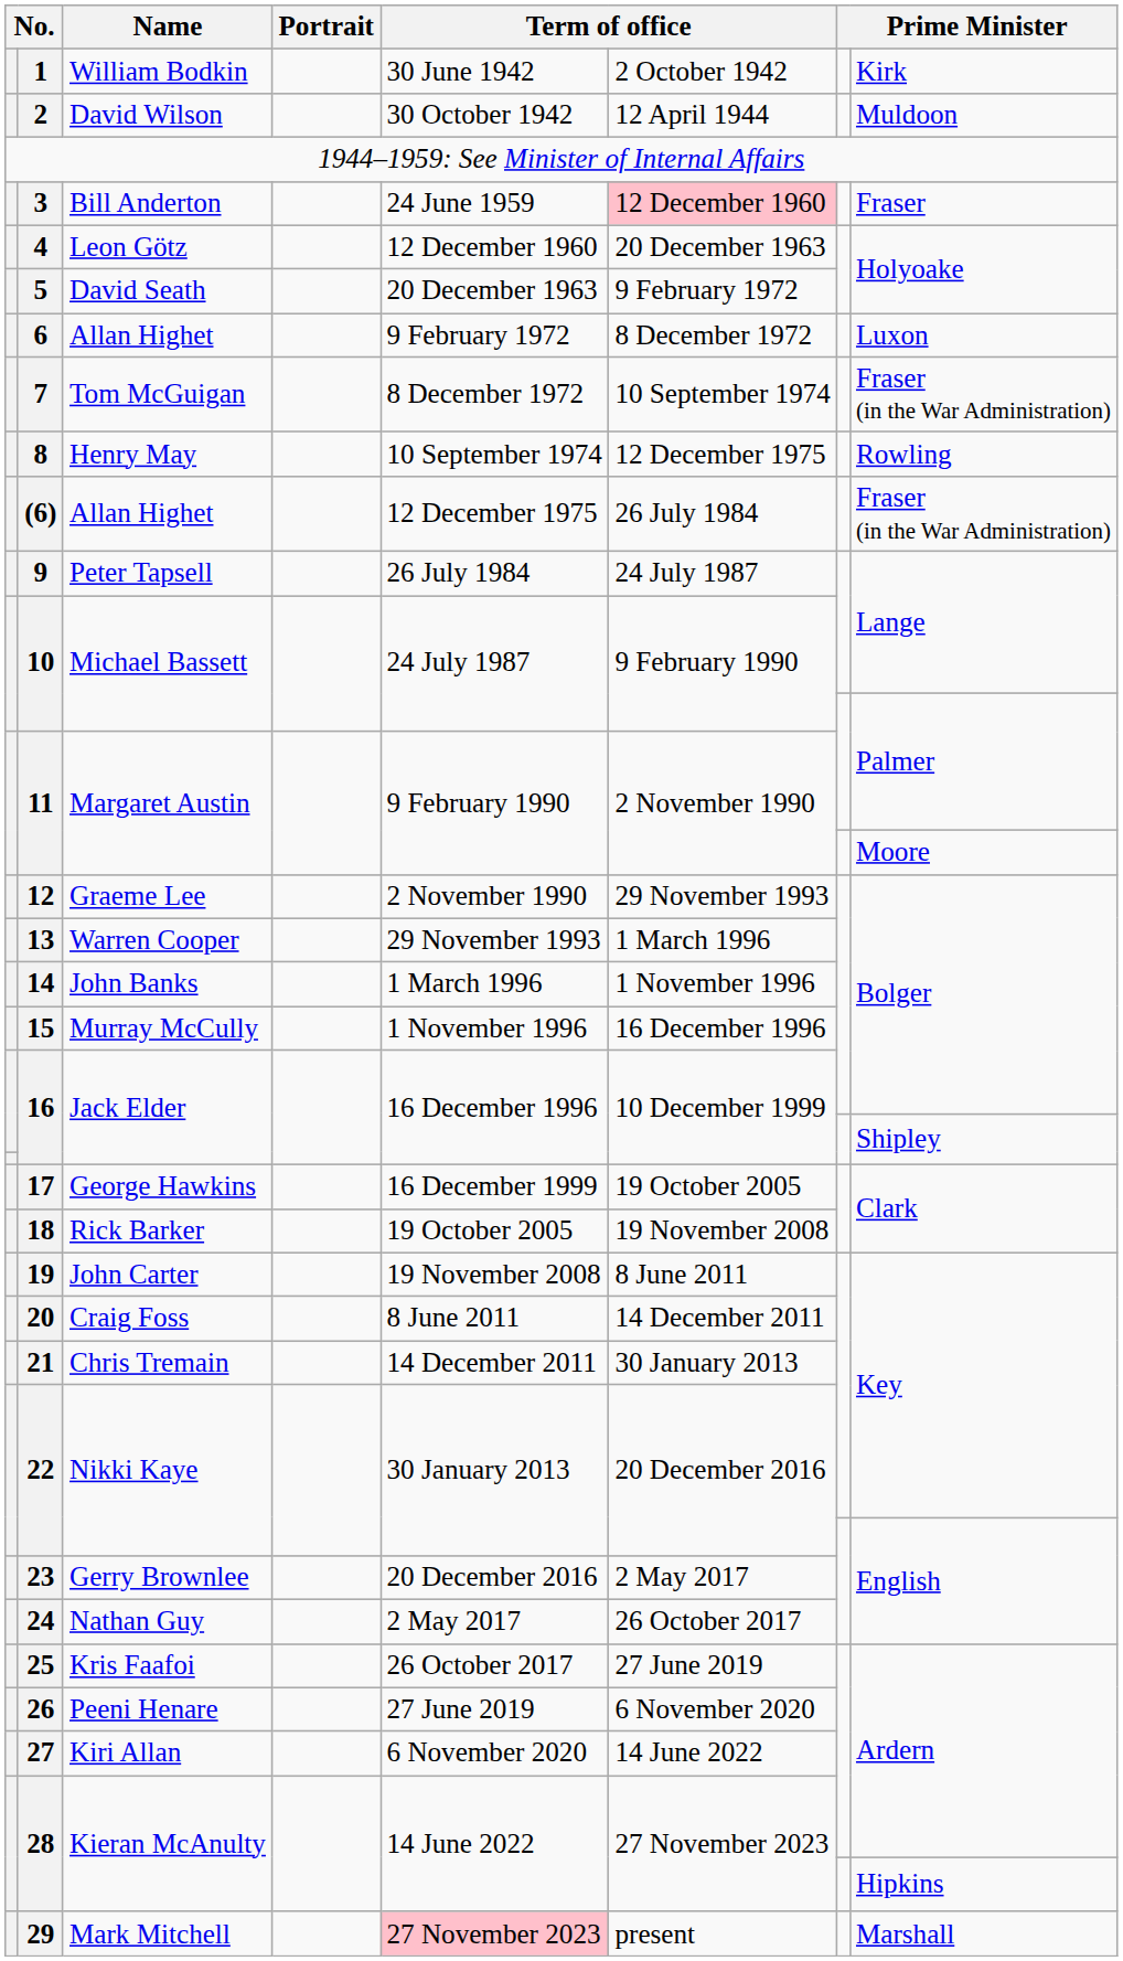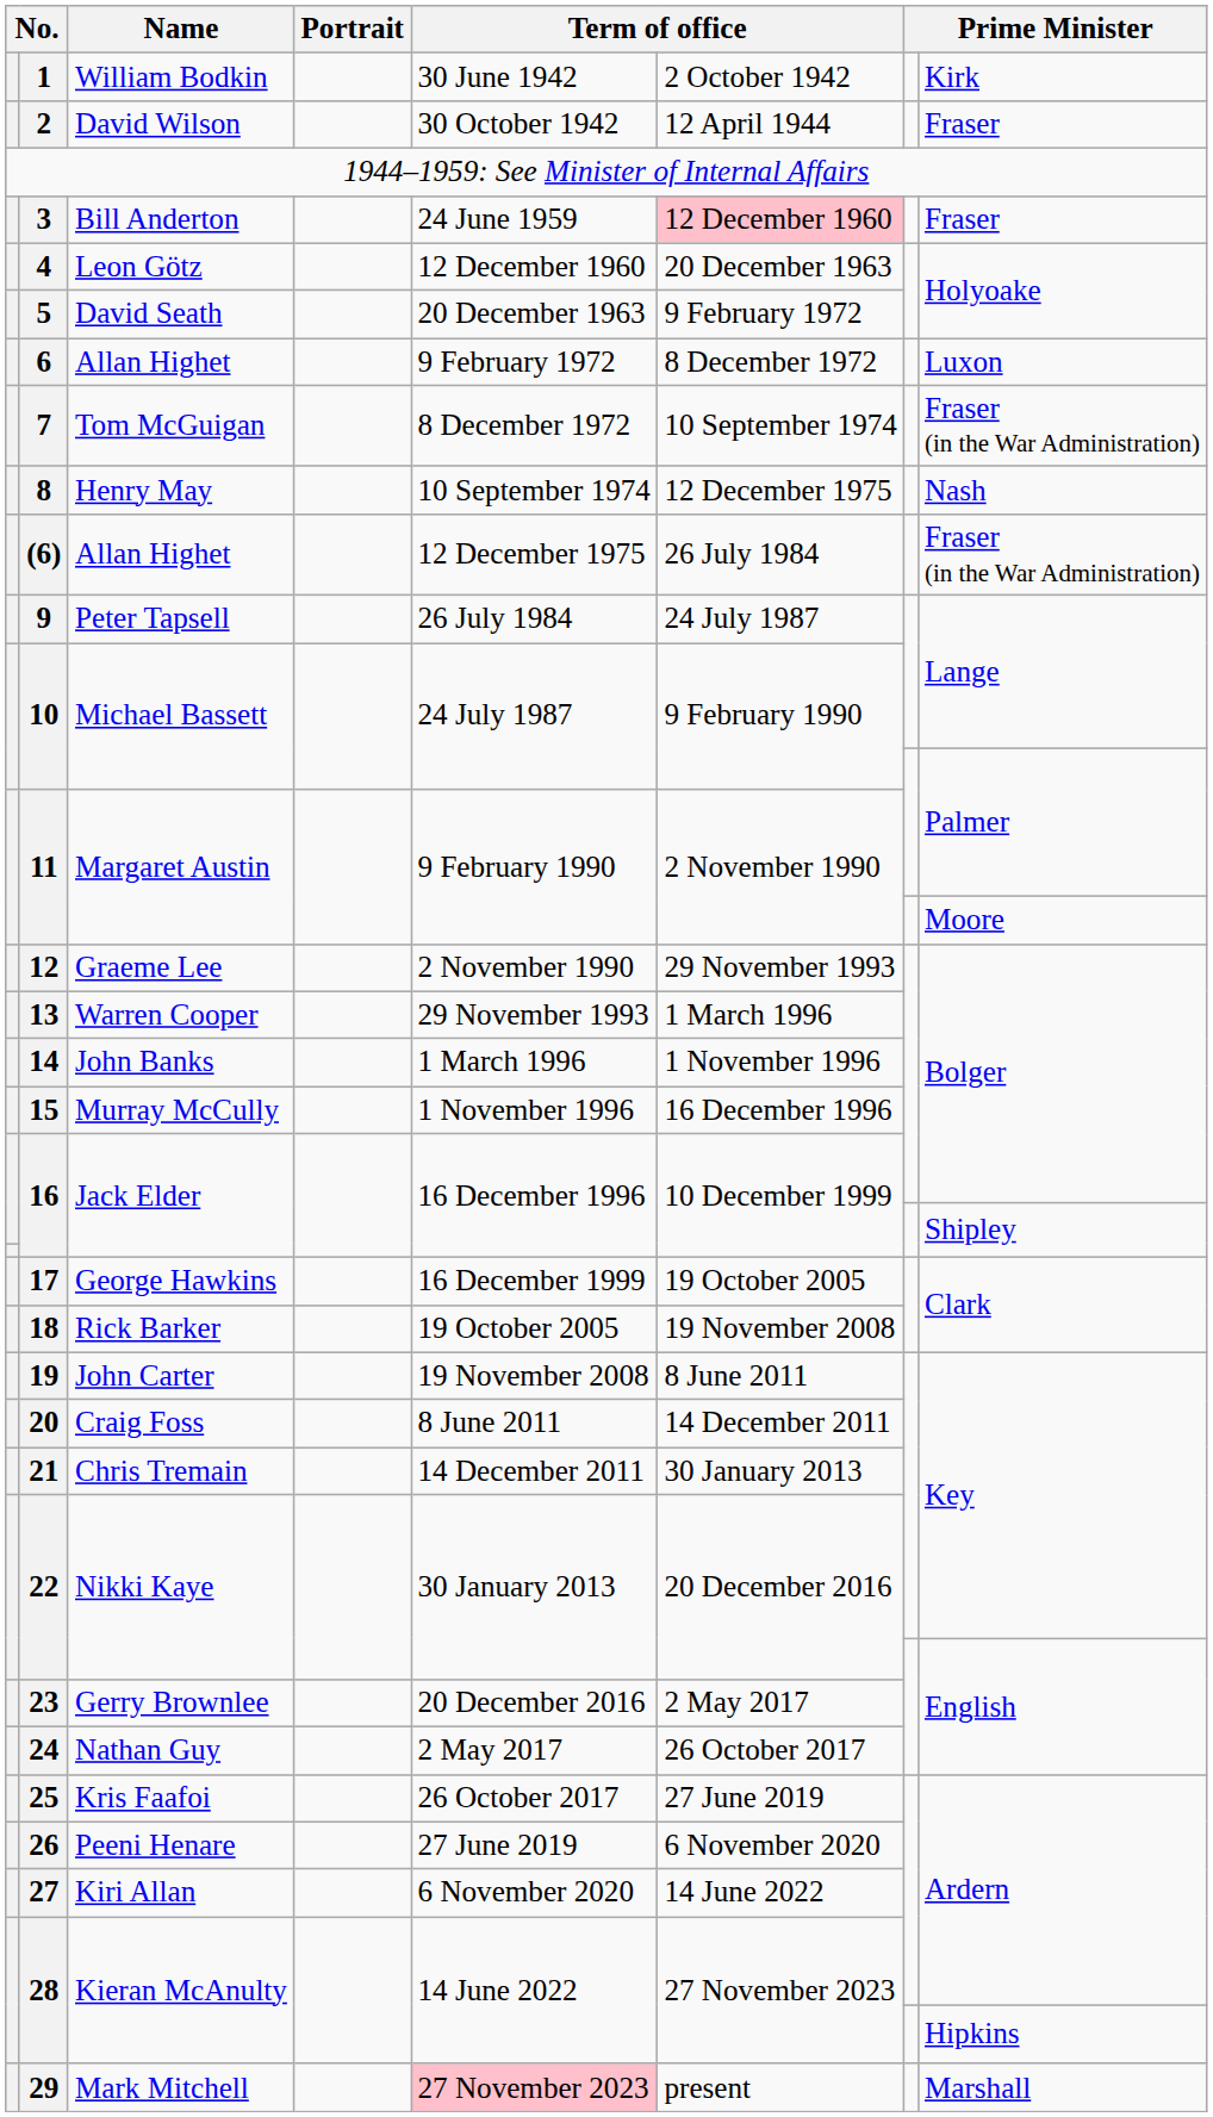 <table class="wikitable">
 <tr>
 <th colspan=2>No.</th>
 <th>Name</th>
 <th>Portrait</th>
 <th colspan=2>Term of office</th>
 <th colspan=2>Prime Minister</th>
 </tr>
 <tr>
 <th style="background:"></th>
 <th>1</th>
 <td><a href='#'>William Bodkin</a></td>
 <td></td>
 <td>30 June 1942</td>
 <td>2 October 1942</td>
 <td style="background:"></td>
 <td><a href='#'>Kirk</a></td>
 </tr>
 <tr>
 <th style="background:"></th>
 <th>2</th>
 <td><a href='#'>David Wilson</a></td>
 <td></td>
 <td>30 October 1942</td>
 <td>12 April 1944</td>
 <td style="background:"></td>
-<td><a href='#'>Muldoon</a></td>
+<td><a href='#'>Fraser</a></td>
 </tr>
 <tr>
 <td style="text-align:center" colspan=8><em>1944–1959: See <a href='#'>Minister of Internal Affairs</a></em></td>
 </tr>
 <tr>
 <th style="background:"></th>
 <th>3</th>
 <td><a href='#'>Bill Anderton</a></td>
 <td></td>
 <td>24 June 1959</td>
 <td style="background: pink;">12 December 1960</td>
 <td style="background:"></td>
 <td><a href='#'>Fraser</a></td>
 </tr>
 <tr>
 <th style="background:"></th>
 <th>4</th>
 <td><a href='#'>Leon Götz</a></td>
 <td></td>
 <td>12 December 1960</td>
 <td>20 December 1963</td>
 <td rowspan=2 style="background:"></td>
 <td rowspan=2><a href='#'>Holyoake</a></td>
 </tr>
 <tr>
 <th style="background:"></th>
 <th>5</th>
 <td><a href='#'>David Seath</a></td>
 <td></td>
 <td>20 December 1963</td>
 <td>9 February 1972</td>
 </tr>
 <tr>
 <th style="background:"></th>
 <th>6</th>
 <td><a href='#'>Allan Highet</a></td>
 <td></td>
 <td>9 February 1972</td>
 <td>8 December 1972</td>
 <td style="background:"></td>
 <td><a href='#'>Luxon</a></td>
 </tr>
 <tr>
 <th style="background:"></th>
 <th>7</th>
 <td><a href='#'>Tom McGuigan</a></td>
 <td></td>
 <td>8 December 1972</td>
 <td>10 September 1974</td>
 <td style="background:"></td>
 <td><a href='#'>Fraser</a><br><small>(in the War Administration)</small></td>
 </tr>
 <tr>
 <th style="background:"></th>
 <th>8</th>
 <td><a href='#'>Henry May</a></td>
 <td></td>
 <td>10 September 1974</td>
 <td>12 December 1975</td>
 <td style="background:"></td>
-<td><a href='#'>Rowling</a></td>
+<td><a href='#'>Nash</a></td>
 </tr>
 <tr>
 <th style="background:"></th>
 <th>(6)</th>
 <td><a href='#'>Allan Highet</a></td>
 <td></td>
 <td>12 December 1975</td>
 <td>26 July 1984</td>
 <td style="background:"></td>
 <td><a href='#'>Fraser</a><br><small>(in the War Administration)</small></td>
 </tr>
 <tr>
 <th style="background:"></th>
 <th>9</th>
 <td><a href='#'>Peter Tapsell</a></td>
 <td></td>
 <td>26 July 1984</td>
 <td>24 July 1987</td>
 <td rowspan=2 style="background:"></td>
 <td rowspan=2><a href='#'>Lange</a></td>
 </tr>
 <tr>
 <th height=50 style="border-bottom:solid 0 grey; background:"></th>
 <th rowspan=2>10</th>
 <td rowspan=2><a href='#'>Michael Bassett</a></td>
 <td rowspan=2></td>
 <td rowspan=2>24 July 1987</td>
 <td rowspan=2>9 February 1990</td>
 </tr>
 <tr>
 <th height=15 style="border-top:solid 0 grey; background:"></th>
 <td rowspan=2 style="background:"></td>
 <td rowspan=2><a href='#'>Palmer</a></td>
 </tr>
 <tr>
 <th height=50 style="border-bottom:solid 0 grey; background:"></th>
 <th rowspan=2>11</th>
 <td rowspan=2><a href='#'>Margaret Austin</a></td>
 <td rowspan=2></td>
 <td rowspan=2>9 February 1990</td>
 <td rowspan=2>2 November 1990</td>
 </tr>
 <tr>
 <th height=15 style="border-top:solid 0 grey; background:"></th>
 <td style="background:"></td>
 <td><a href='#'>Moore</a></td>
 </tr>
 <tr>
 <th style="background:"></th>
 <th>12</th>
 <td><a href='#'>Graeme Lee</a></td>
 <td></td>
 <td>2 November 1990</td>
 <td>29 November 1993</td>
 <td rowspan=5 style="background:"></td>
 <td rowspan=5><a href='#'>Bolger</a></td>
 </tr>
 <tr>
 <th style="background:"></th>
 <th>13</th>
 <td><a href='#'>Warren Cooper</a></td>
 <td></td>
 <td>29 November 1993</td>
 <td>1 March 1996</td>
 </tr>
 <tr>
 <th style="background:"></th>
 <th>14</th>
 <td><a href='#'>John Banks</a></td>
 <td></td>
 <td>1 March 1996</td>
 <td>1 November 1996</td>
 </tr>
 <tr>
 <th style="background:"></th>
 <th>15</th>
 <td><a href='#'>Murray McCully</a></td>
 <td></td>
 <td>1 November 1996</td>
 <td>16 December 1996</td>
 </tr>
 <tr>
 <th height=30px style="border-bottom:solid 0 grey; background:"></th>
 <th rowspan=3>16</th>
 <td rowspan=3><a href='#'>Jack Elder</a></td>
 <td rowspan=3></td>
 <td rowspan=3>16 December 1996</td>
 <td rowspan=3>10 December 1999</td>
 </tr>
 <tr>
 <th height=15px style="border-top:solid 0 grey; background:"></th>
 <td rowspan=2 style="background:"></td>
 <td rowspan=2><a href='#'>Shipley</a></td>
 </tr>
 <tr>
 <th style="background:"></th>
 </tr>
 <tr>
 <th style="background:"></th>
 <th>17</th>
 <td><a href='#'>George Hawkins</a></td>
 <td></td>
 <td>16 December 1999</td>
 <td>19 October 2005</td>
 <td rowspan=2 style="background:"></td>
 <td rowspan=2><a href='#'>Clark</a></td>
 </tr>
 <tr>
 <th style="background:"></th>
 <th>18</th>
 <td><a href='#'>Rick Barker</a></td>
 <td></td>
 <td>19 October 2005</td>
 <td>19 November 2008</td>
 </tr>
 <tr>
 <th style="background:"></th>
 <th>19</th>
 <td><a href='#'>John Carter</a></td>
 <td></td>
 <td>19 November 2008</td>
 <td>8 June 2011</td>
 <td rowspan=4 style="background:"></td>
 <td rowspan=4><a href='#'>Key</a></td>
 </tr>
 <tr>
 <th style="background:"></th>
 <th>20</th>
 <td><a href='#'>Craig Foss</a></td>
 <td></td>
 <td>8 June 2011</td>
 <td>14 December 2011</td>
 </tr>
 <tr>
 <th style="background:"></th>
 <th>21</th>
 <td><a href='#'>Chris Tremain</a></td>
 <td></td>
 <td>14 December 2011</td>
 <td>30 January 2013</td>
 </tr>
 <tr>
 <th height=70 style="border-bottom:solid 0 grey; background:"></th>
 <th rowspan=2>22</th>
 <td rowspan=2><a href='#'>Nikki Kaye</a></td>
 <td rowspan=2></td>
 <td rowspan=2>30 January 2013</td>
 <td rowspan=2>20 December 2016</td>
 </tr>
 <tr>
 <th height=15 style="border-top:solid 0 grey; background:"></th>
 <td rowspan=3 style="background:"></td>
 <td rowspan=3><a href='#'>English</a></td>
 </tr>
 <tr>
 <th style="background:"></th>
 <th>23</th>
 <td><a href='#'>Gerry Brownlee</a></td>
 <td></td>
 <td>20 December 2016</td>
 <td>2 May 2017</td>
 </tr>
 <tr>
 <th style="background:"></th>
 <th>24</th>
 <td><a href='#'>Nathan Guy</a></td>
 <td></td>
 <td>2 May 2017</td>
 <td>26 October 2017</td>
 </tr>
 <tr>
 <th style="background:"></th>
 <th>25</th>
 <td><a href='#'>Kris Faafoi</a></td>
 <td></td>
 <td>26 October 2017</td>
 <td>27 June 2019</td>
 <td rowspan=4 style="background:"></td>
 <td rowspan=4><a href='#'>Ardern</a></td>
 </tr>
 <tr>
 <th style="background:"></th>
 <th>26</th>
 <td><a href='#'>Peeni Henare</a></td>
 <td></td>
 <td>27 June 2019</td>
 <td>6 November 2020</td>
 </tr>
 <tr>
 <th style="background:"></th>
 <th>27</th>
 <td><a href='#'>Kiri Allan</a></td>
 <td></td>
 <td>6 November 2020</td>
 <td>14 June 2022</td>
 </tr>
 <tr>
 <th height=40 style="border-bottom:solid 0 grey; background:"></th>
 <th rowspan="2">28</th>
 <td rowspan="2"><a href='#'>Kieran McAnulty</a></td>
 <td rowspan="2"></td>
 <td rowspan="2">14 June 2022</td>
 <td rowspan="2">27 November 2023</td>
 </tr>
 <tr>
 <th height=25 style="border-top:solid 0 grey; background:"></th>
 <td style="background:"></td>
 <td><a href='#'>Hipkins</a></td>
 </tr>
 <tr>
 <th style="background:"></th>
 <th>29</th>
 <td><a href='#'>Mark Mitchell</a></td>
 <td></td>
 <td style="background: pink;">27 November 2023</td>
 <td>present</td>
 <td style="background:"></td>
 <td><a href='#'>Marshall</a></td>
 </tr>
 </table>
